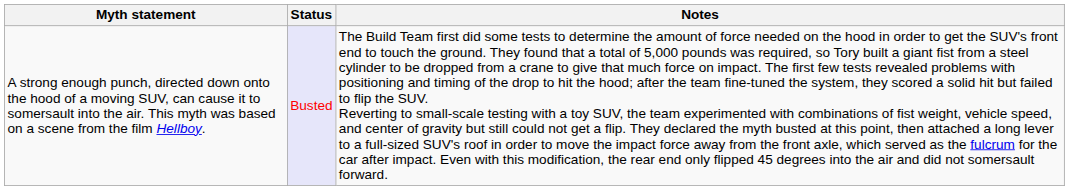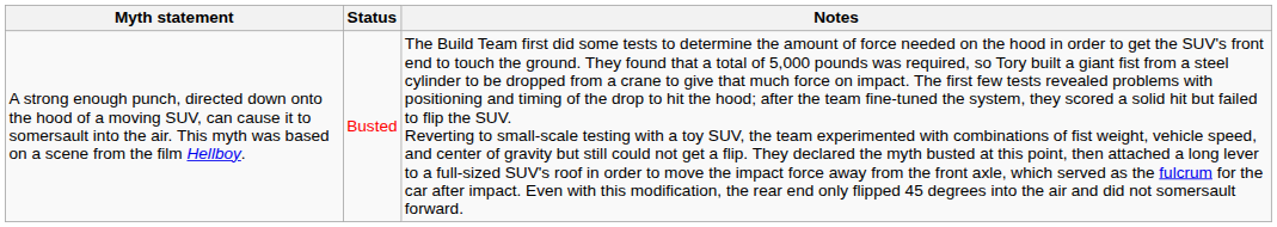 <table class="wikitable plainrowheaders">
 <tr>
 <th>Myth statement</th>
 <th>Status</th>
 <th>Notes</th>
 </tr>
 <tr>
 <td>A strong enough punch, directed down onto the hood of a moving SUV, can cause it to somersault into the air. This myth was based on a scene from the film <em><a href='#'>Hellboy</a></em>.</td>
-<td style="background: lavender; color:red">Busted</td>
+<td style="color:red">Busted</td>
 <td>The Build Team first did some tests to determine the amount of force needed on the hood in order to get the SUV's front end to touch the ground. They found that a total of 5,000 pounds was required, so Tory built a giant fist from a steel cylinder to be dropped from a crane to give that much force on impact. The first few tests revealed problems with positioning and timing of the drop to hit the hood; after the team fine-tuned the system, they scored a solid hit but failed to flip the SUV.<br>Reverting to small-scale testing with a toy SUV, the team experimented with combinations of fist weight, vehicle speed, and center of gravity but still could not get a flip. They declared the myth busted at this point, then attached a long lever to a full-sized SUV's roof in order to move the impact force away from the front axle, which served as the <a href='#'>fulcrum</a> for the car after impact. Even with this modification, the rear end only flipped 45 degrees into the air and did not somersault forward.</td>
 </tr>
 </table>
